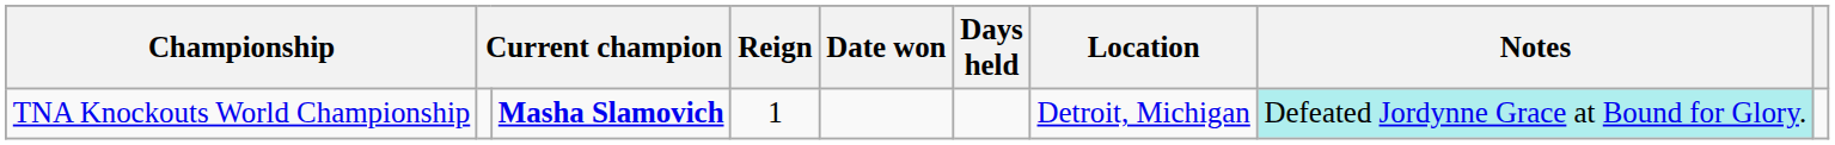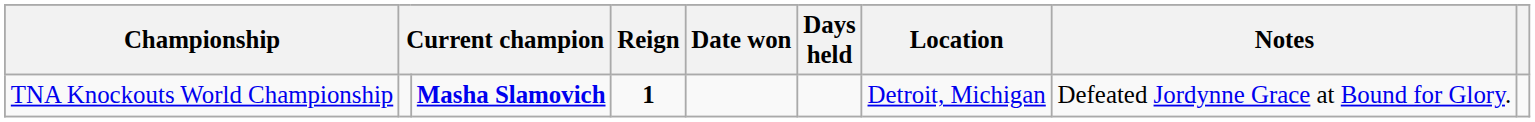 <table class="wikitable" style="font-size: 85%;">
 <tr>
 <th>Championship</th>
 <th colspan=2>Current champion</th>
 <th>Reign</th>
 <th>Date won</th>
 <th>Days<br>held</th>
 <th>Location</th>
 <th>Notes</th>
 <th class="unsortable"></th>
 </tr>
 <tr>
 <td align="center"><a href='#'>TNA Knockouts World Championship</a></td>
 <td align="center"></td>
 <td align="center"><strong><a href='#'>Masha Slamovich</a></strong></td>
-<td align="center">1</td>
+<td align="center"><strong>1</strong></td>
 <td align="center"></td>
 <td align="center"></td>
 <td align="center"><a href='#'>Detroit, Michigan</a></td>
-<td align=left style="background: paleturquoise;">Defeated <a href='#'>Jordynne Grace</a> at <a href='#'>Bound for Glory</a>.</td>
+<td align=left>Defeated <a href='#'>Jordynne Grace</a> at <a href='#'>Bound for Glory</a>.</td>
 <td></td>
 </tr>
 </table>
